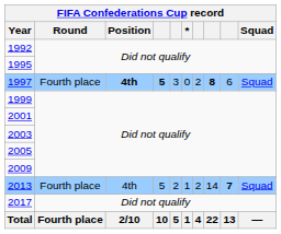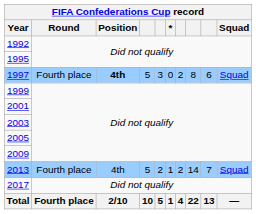 <table class="wikitable" style="text-align: center;">
 <tr>
 <th colspan=11><a href='#'>FIFA Confederations Cup</a> record</th>
 </tr>
 <tr>
 <th>Year</th>
 <th>Round</th>
 <th>Position</th>
 <th></th>
 <th></th>
 <th>*</th>
 <th></th>
 <th></th>
 <th></th>
 <th>Squad</th>
 </tr>
 <tr>
 <td> <a href='#'>1992</a></td>
 <td colspan=9 rowspan=2><em>Did not qualify</em></td>
 </tr>
 <tr>
 <td> <a href='#'>1995</a></td>
 </tr>
 <tr style="background:#9acdff">
 <td> <a href='#'>1997</a></td>
 <td>Fourth place</td>
 <td><strong>4th</strong></td>
-<td><strong>5</strong></td>
+<td>5</td>
 <td>3</td>
 <td>0</td>
 <td>2</td>
-<td><strong>8</strong></td>
+<td>8</td>
 <td>6</td>
 <td><a href='#'>Squad</a></td>
 </tr>
 <tr>
 <td> <a href='#'>1999</a></td>
 <td colspan=9 rowspan=5><em>Did not qualify</em></td>
 </tr>
 <tr>
 <td>  <a href='#'>2001</a></td>
 </tr>
 <tr>
 <td> <a href='#'>2003</a></td>
 </tr>
 <tr>
 <td> <a href='#'>2005</a></td>
 </tr>
 <tr>
 <td> <a href='#'>2009</a></td>
 </tr>
 <tr style="background:#9acdff">
 <td> <a href='#'>2013</a></td>
 <td>Fourth place</td>
 <td>4th</td>
 <td>5</td>
 <td>2</td>
 <td>1</td>
 <td>2</td>
 <td>14</td>
-<td><strong>7</strong></td>
+<td>7</td>
 <td><a href='#'>Squad</a></td>
 </tr>
 <tr>
 <td> <a href='#'>2017</a></td>
 <td colspan=9><em>Did not qualify</em></td>
 </tr>
 <tr>
 <th>Total</th>
 <th>Fourth place</th>
 <th>2/10</th>
 <th>10</th>
 <th>5</th>
 <th>1</th>
 <th>4</th>
 <th>22</th>
 <th>13</th>
 <th>—</th>
 </tr>
 </table>
